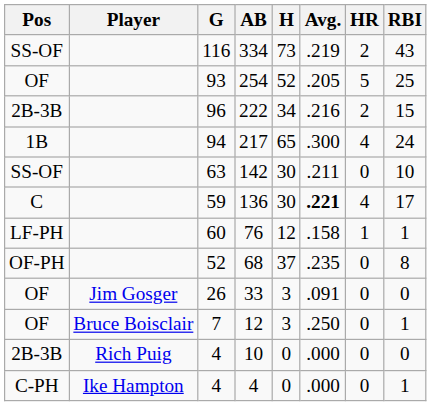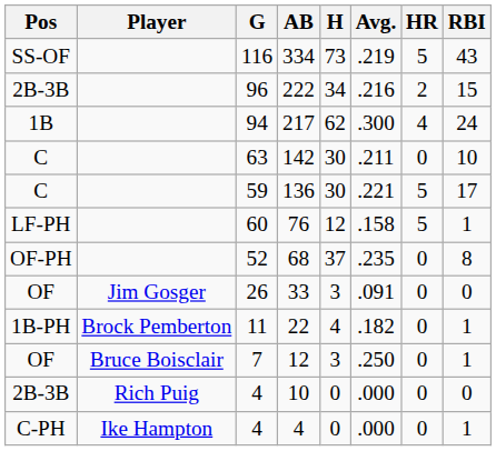 <table class="wikitable sortable">
 <tr>
 <th>Pos</th>
 <th>Player</th>
 <th>G</th>
 <th>AB</th>
 <th>H</th>
 <th>Avg.</th>
 <th>HR</th>
 <th>RBI</th>
 </tr>
 <tr align="center">
 <td>SS-OF</td>
 <td></td>
 <td>116</td>
 <td>334</td>
 <td>73</td>
 <td>.219</td>
-<td>2</td>
+<td>5</td>
 <td>43</td>
-</tr>
-<tr align=center>
-<td>OF</td>
-<td></td>
-<td>93</td>
-<td>254</td>
-<td>52</td>
-<td>.205</td>
-<td>5</td>
-<td>25</td>
 </tr>
 <tr align=center>
 <td>2B-3B</td>
 <td></td>
 <td>96</td>
 <td>222</td>
 <td>34</td>
 <td>.216</td>
 <td>2</td>
 <td>15</td>
 </tr>
 <tr align=center>
 <td>1B</td>
 <td></td>
 <td>94</td>
 <td>217</td>
-<td>65</td>
+<td>62</td>
 <td>.300</td>
 <td>4</td>
 <td>24</td>
 </tr>
 <tr align="center">
-<td>SS-OF</td>
+<td>C</td>
 <td></td>
 <td>63</td>
 <td>142</td>
 <td>30</td>
 <td>.211</td>
 <td>0</td>
 <td>10</td>
 </tr>
 <tr align="center">
 <td>C</td>
 <td></td>
 <td>59</td>
 <td>136</td>
 <td>30</td>
-<td><strong>.221</strong></td>
-<td>4</td>
+<td>.221</td>
+<td>5</td>
 <td>17</td>
 </tr>
 <tr align="center">
 <td>LF-PH</td>
 <td></td>
 <td>60</td>
 <td>76</td>
 <td>12</td>
 <td>.158</td>
-<td>1</td>
+<td>5</td>
 <td>1</td>
 </tr>
 <tr align="center">
 <td>OF-PH</td>
 <td></td>
 <td>52</td>
 <td>68</td>
 <td>37</td>
 <td>.235</td>
 <td>0</td>
 <td>8</td>
 </tr>
 <tr align="center">
 <td>OF</td>
 <td><a href='#'>Jim Gosger</a></td>
 <td>26</td>
 <td>33</td>
 <td>3</td>
 <td>.091</td>
 <td>0</td>
 <td>0</td>
+</tr>
+<tr align="center">
+<td>1B-PH</td>
+<td><a href='#'>Brock Pemberton</a></td>
+<td>11</td>
+<td>22</td>
+<td>4</td>
+<td>.182</td>
+<td>0</td>
+<td>1</td>
 </tr>
 <tr align="center">
 <td>OF</td>
 <td><a href='#'>Bruce Boisclair</a></td>
 <td>7</td>
 <td>12</td>
 <td>3</td>
 <td>.250</td>
 <td>0</td>
 <td>1</td>
 </tr>
 <tr align="center">
 <td>2B-3B</td>
 <td><a href='#'>Rich Puig</a></td>
 <td>4</td>
 <td>10</td>
 <td>0</td>
 <td>.000</td>
 <td>0</td>
 <td>0</td>
 </tr>
 <tr align="center">
 <td>C-PH</td>
 <td><a href='#'>Ike Hampton</a></td>
 <td>4</td>
 <td>4</td>
 <td>0</td>
 <td>.000</td>
 <td>0</td>
 <td>1</td>
 </tr>
 </table>
